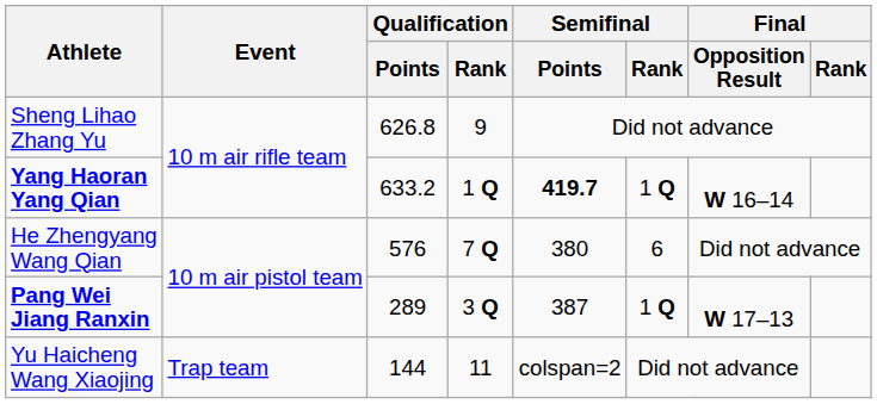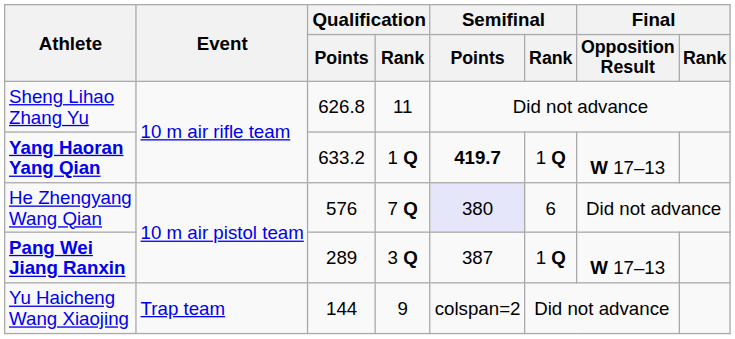 <table class="wikitable" style="font-size:90%">
 <tr>
 <th rowspan="2">Athlete</th>
 <th rowspan="2">Event</th>
 <th colspan=2>Qualification</th>
 <th colspan=2>Semifinal</th>
 <th colspan=2>Final</th>
 </tr>
 <tr style="font-size:95%">
 <th>Points</th>
 <th>Rank</th>
 <th>Points</th>
 <th>Rank</th>
 <th>Opposition<br>Result</th>
 <th>Rank</th>
 </tr>
 <tr align=center>
 <td align=left><a href='#'>Sheng Lihao</a><br><a href='#'>Zhang Yu</a></td>
 <td align=left rowspan=2><a href='#'>10 m air rifle team</a></td>
 <td>626.8</td>
-<td>9</td>
+<td>11</td>
 <td colspan=4>Did not advance</td>
 </tr>
 <tr align=center>
 <td align=left><strong><a href='#'>Yang Haoran</a><br><a href='#'>Yang Qian</a></strong></td>
 <td>633.2</td>
 <td>1 <strong>Q</strong></td>
 <td><strong>419.7</strong></td>
 <td>1 <strong>Q</strong></td>
-<td><br> <strong>W</strong> 16–14</td>
+<td><br> <strong>W</strong> 17–13</td>
 <td></td>
 </tr>
 <tr align=center>
 <td align=left><a href='#'>He Zhengyang</a><br><a href='#'>Wang Qian</a></td>
 <td align=left rowspan=2><a href='#'>10 m air pistol team</a></td>
 <td>576</td>
 <td>7 <strong>Q</strong></td>
-<td>380</td>
+<td style="background: lavender;">380</td>
 <td>6</td>
 <td colspan=2>Did not advance</td>
 </tr>
 <tr align=center>
 <td align=left><strong><a href='#'>Pang Wei</a><br><a href='#'>Jiang Ranxin</a></strong></td>
 <td>289</td>
 <td>3 <strong>Q</strong></td>
 <td>387</td>
 <td>1 <strong>Q</strong></td>
 <td><br> <strong>W</strong> 17–13</td>
 <td></td>
 </tr>
 <tr align=center>
 <td align=left><a href='#'>Yu Haicheng</a><br><a href='#'>Wang Xiaojing</a></td>
 <td align=left><a href='#'>Trap team</a></td>
 <td>144</td>
-<td>11</td>
+<td>9</td>
 <td>colspan=2</td>
 <td colspan=2>Did not advance</td>
 </tr>
 </table>
